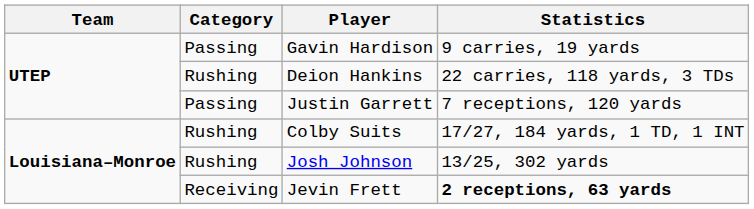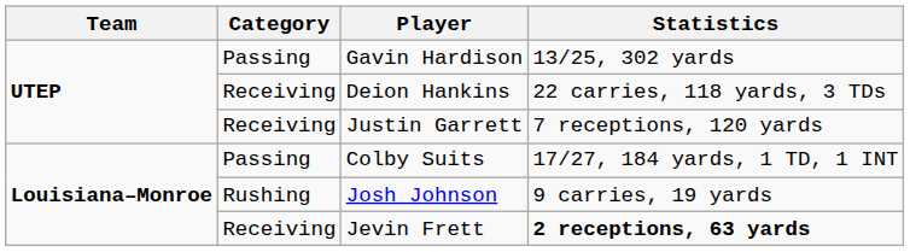 <table class="wikitable" style="float: left;">
 <tr>
 <th>Team</th>
 <th>Category</th>
 <th>Player</th>
 <th>Statistics</th>
 </tr>
 <tr>
 <td rowspan=3><strong>UTEP</strong></td>
 <td>Passing</td>
 <td>Gavin Hardison</td>
-<td>9 carries, 19 yards</td>
+<td>13/25, 302 yards</td>
 </tr>
 <tr>
-<td>Rushing</td>
+<td>Receiving</td>
 <td>Deion Hankins</td>
 <td>22 carries, 118 yards, 3 TDs</td>
 </tr>
 <tr>
-<td>Passing</td>
+<td>Receiving</td>
 <td>Justin Garrett</td>
 <td>7 receptions, 120 yards</td>
 </tr>
 <tr>
 <td rowspan=3><strong>Louisiana–Monroe</strong></td>
-<td>Rushing</td>
+<td>Passing</td>
 <td>Colby Suits</td>
 <td>17/27, 184 yards, 1 TD, 1 INT</td>
 </tr>
 <tr>
 <td>Rushing</td>
 <td><a href='#'>Josh Johnson</a></td>
-<td>13/25, 302 yards</td>
+<td>9 carries, 19 yards</td>
 </tr>
 <tr>
 <td>Receiving</td>
 <td>Jevin Frett</td>
 <td><strong>2 receptions, 63 yards</strong></td>
 </tr>
 </table>
